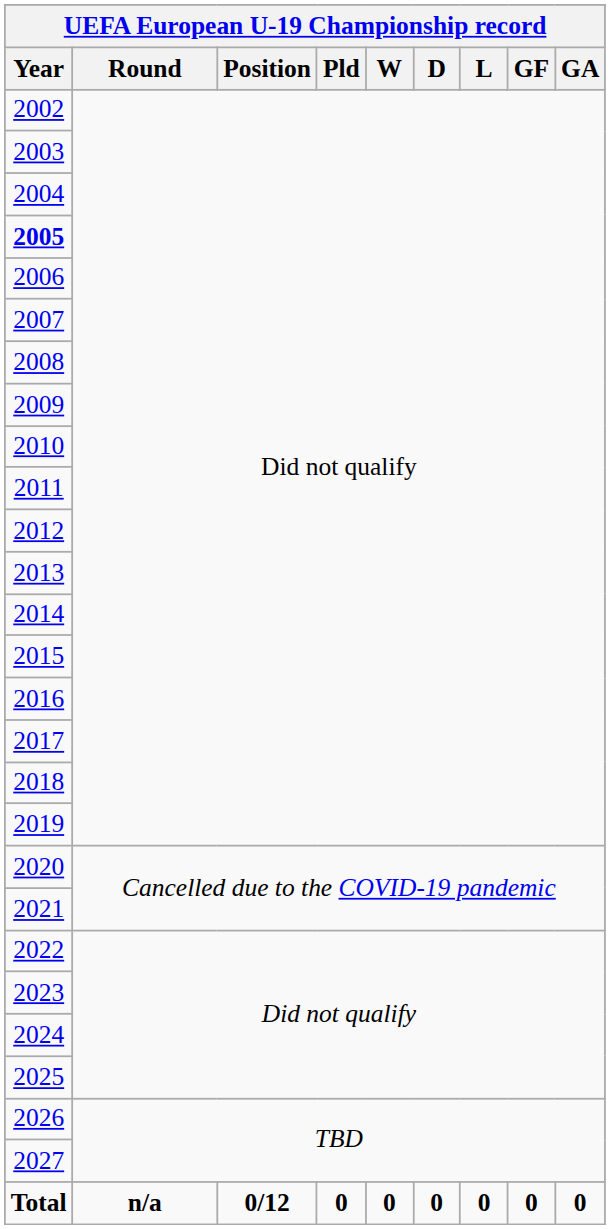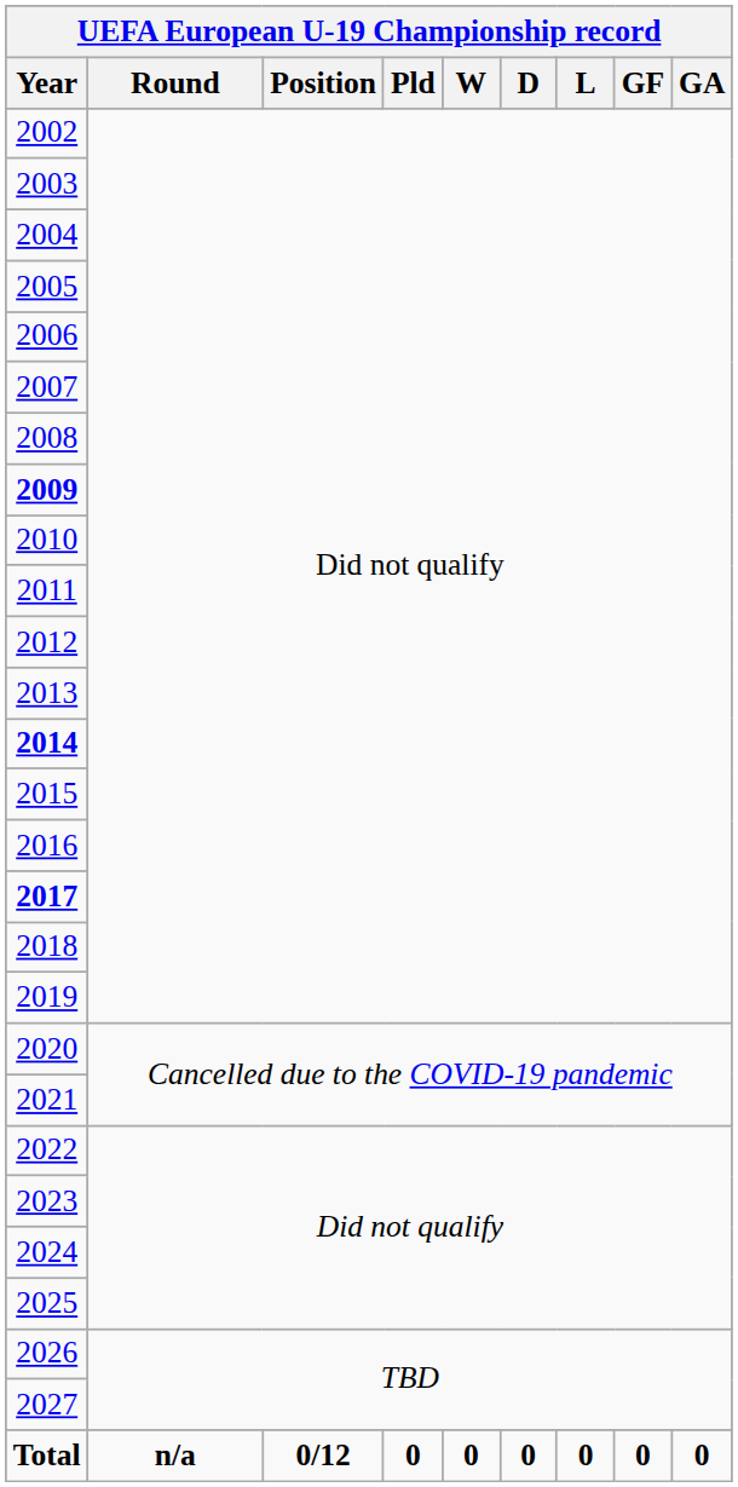 <table class="wikitable" style="text-align: center;font-size:90%;">
 <tr>
 <th colspan=9><a href='#'>UEFA European U-19 Championship record</a></th>
 </tr>
 <tr>
 <th>Year</th>
 <th width=75>Round</th>
 <th width=45>Position</th>
 <th width=20>Pld</th>
 <th width=20>W</th>
 <th width=20>D</th>
 <th width=20>L</th>
 <th width=20>GF</th>
 <th width=20>GA</th>
 </tr>
 <tr>
 <td> <a href='#'>2002</a></td>
 <td rowspan=18 colspan=8>Did not qualify</td>
 </tr>
 <tr>
 <td> <a href='#'>2003</a></td>
 </tr>
 <tr>
 <td> <a href='#'>2004</a></td>
 </tr>
 <tr>
-<td><strong> <a href='#'>2005</a></strong></td>
+<td> <a href='#'>2005</a></td>
 </tr>
 <tr>
 <td> <a href='#'>2006</a></td>
 </tr>
 <tr>
 <td> <a href='#'>2007</a></td>
 </tr>
 <tr>
 <td> <a href='#'>2008</a></td>
 </tr>
 <tr>
-<td> <a href='#'>2009</a></td>
+<td><strong> <a href='#'>2009</a></strong></td>
 </tr>
 <tr>
 <td> <a href='#'>2010</a></td>
 </tr>
 <tr>
 <td> <a href='#'>2011</a></td>
 </tr>
 <tr>
 <td> <a href='#'>2012</a></td>
 </tr>
 <tr>
 <td> <a href='#'>2013</a></td>
 </tr>
 <tr>
-<td> <a href='#'>2014</a></td>
+<td><strong> <a href='#'>2014</a></strong></td>
 </tr>
 <tr>
 <td> <a href='#'>2015</a></td>
 </tr>
 <tr>
 <td> <a href='#'>2016</a></td>
 </tr>
 <tr>
-<td> <a href='#'>2017</a></td>
+<td><strong> <a href='#'>2017</a></strong></td>
 </tr>
 <tr>
 <td> <a href='#'>2018</a></td>
 </tr>
 <tr>
 <td> <a href='#'>2019</a></td>
 </tr>
 <tr>
 <td> <a href='#'>2020</a></td>
 <td rowspan=2 colspan=8><em>Cancelled due to the <a href='#'>COVID-19 pandemic</a></em></td>
 </tr>
 <tr>
 <td> <a href='#'>2021</a></td>
 </tr>
 <tr>
 <td> <a href='#'>2022</a></td>
 <td rowspan=4 colspan=8><em>Did not qualify</em></td>
 </tr>
 <tr>
 <td> <a href='#'>2023</a></td>
 </tr>
 <tr>
 <td> <a href='#'>2024</a></td>
 </tr>
 <tr>
 <td> <a href='#'>2025</a></td>
 </tr>
 <tr>
 <td> <a href='#'>2026</a></td>
 <td colspan=8 rowspan=2><em>TBD</em></td>
 </tr>
 <tr>
 <td> <a href='#'>2027</a></td>
 </tr>
 <tr>
 <td><strong>Total</strong></td>
 <td><strong>n/a</strong></td>
 <td><strong>0/12</strong></td>
 <td><strong>0</strong></td>
 <td><strong>0</strong></td>
 <td><strong>0</strong></td>
 <td><strong>0</strong></td>
 <td><strong>0</strong></td>
 <td><strong>0</strong></td>
 </tr>
 </table>
